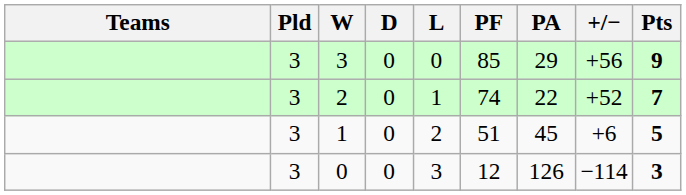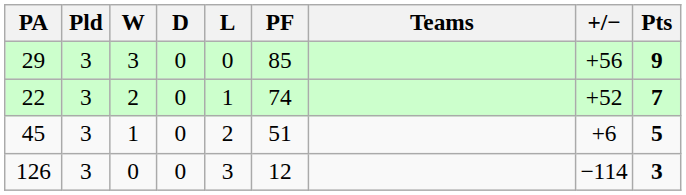 <table class="wikitable" style="text-align: center;">
 <tr>
-<th width="175">Teams</th>
+<th width="32">PA</th>
 <th width="25">Pld</th>
 <th width="25">W</th>
 <th width="25">D</th>
 <th width="25">L</th>
 <th width="32">PF</th>
-<th width="32">PA</th>
+<th width="175">Teams</th>
 <th width="32">+/−</th>
 <th width="25">Pts</th>
 </tr>
 <tr bgcolor=ccffcc>
-<td align=left></td>
+<td>29</td>
 <td>3</td>
 <td>3</td>
 <td>0</td>
 <td>0</td>
 <td>85</td>
-<td>29</td>
+<td align=left></td>
 <td>+56</td>
 <td><strong>9</strong></td>
 </tr>
 <tr bgcolor=ccffcc>
-<td align=left></td>
+<td>22</td>
 <td>3</td>
 <td>2</td>
 <td>0</td>
 <td>1</td>
 <td>74</td>
-<td>22</td>
+<td align=left></td>
 <td>+52</td>
 <td><strong>7</strong></td>
 </tr>
 <tr>
-<td align=left></td>
+<td>45</td>
 <td>3</td>
 <td>1</td>
 <td>0</td>
 <td>2</td>
 <td>51</td>
-<td>45</td>
+<td align=left></td>
 <td>+6</td>
 <td><strong>5</strong></td>
 </tr>
 <tr>
-<td align=left></td>
+<td>126</td>
 <td>3</td>
 <td>0</td>
 <td>0</td>
 <td>3</td>
 <td>12</td>
-<td>126</td>
+<td align=left></td>
 <td>−114</td>
 <td><strong>3</strong></td>
 </tr>
 </table>
